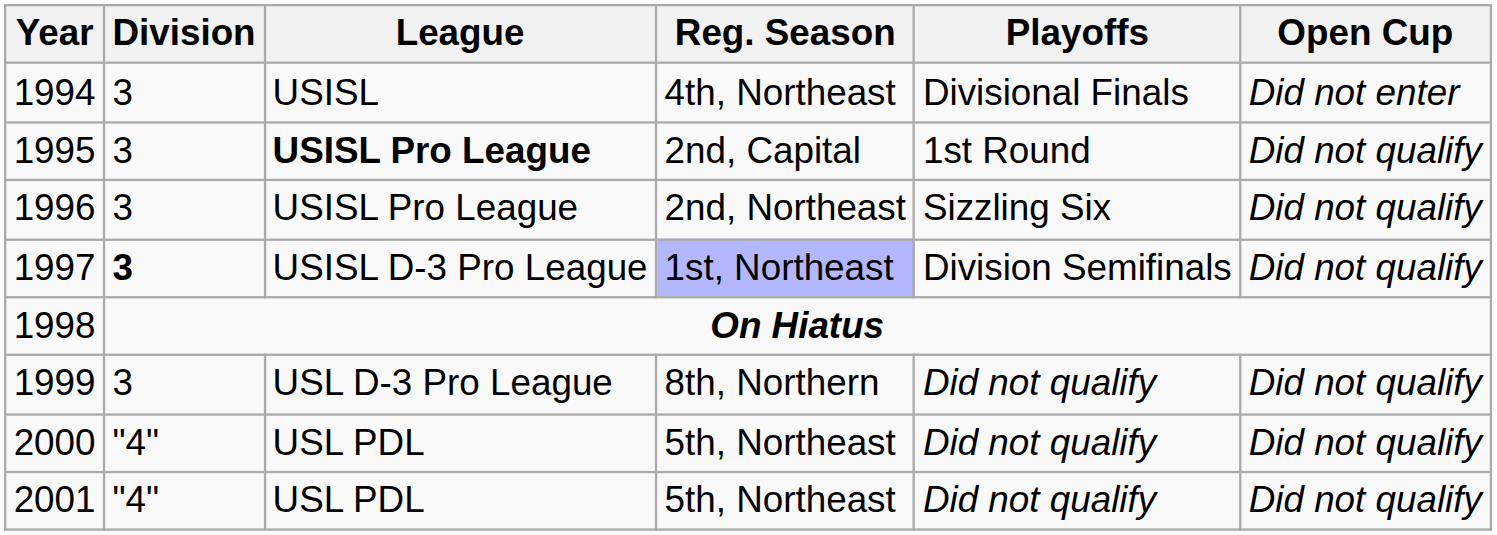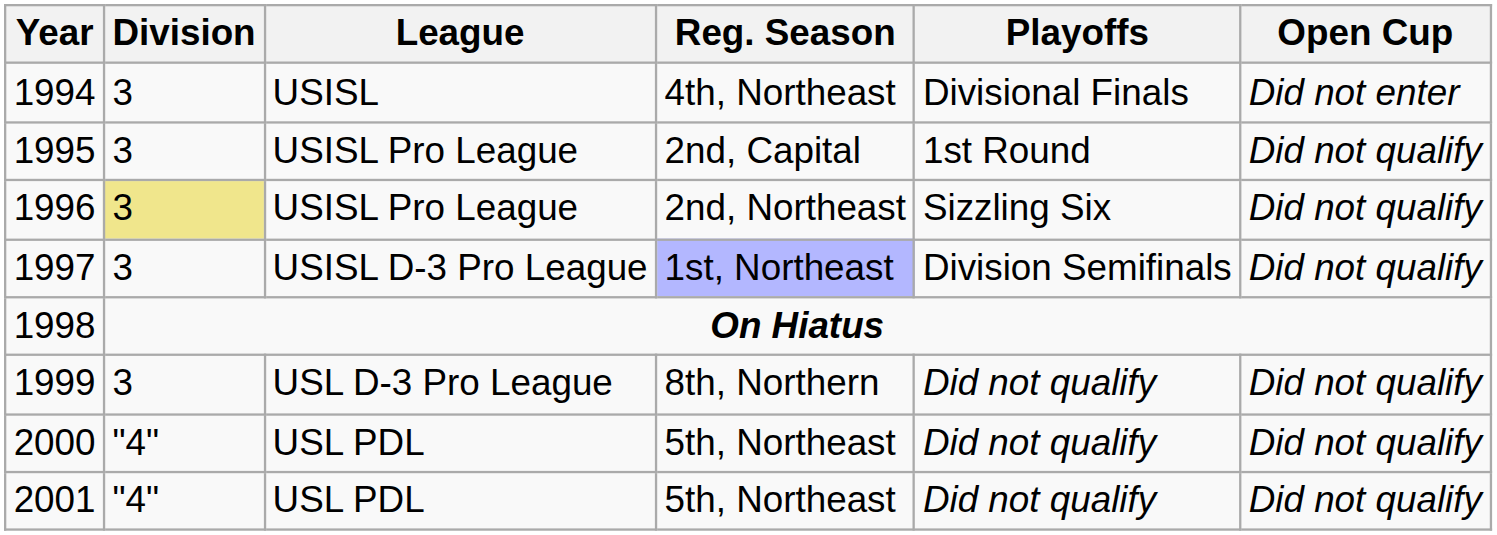 <table class="wikitable">
 <tr>
 <th>Year</th>
 <th>Division</th>
 <th>League</th>
 <th>Reg. Season</th>
 <th>Playoffs</th>
 <th>Open Cup</th>
 </tr>
 <tr>
 <td>1994</td>
 <td>3</td>
 <td>USISL</td>
 <td>4th, Northeast</td>
 <td>Divisional Finals</td>
 <td><em>Did not enter</em></td>
 </tr>
 <tr>
 <td>1995</td>
 <td>3</td>
-<td><strong>USISL Pro League</strong></td>
+<td>USISL Pro League</td>
 <td>2nd, Capital</td>
 <td>1st Round</td>
 <td><em>Did not qualify</em></td>
 </tr>
 <tr>
 <td>1996</td>
-<td>3</td>
+<td style="background: khaki;">3</td>
 <td>USISL Pro League</td>
 <td>2nd, Northeast</td>
 <td>Sizzling Six</td>
 <td><em>Did not qualify</em></td>
 </tr>
 <tr>
 <td>1997</td>
-<td><strong>3</strong></td>
+<td>3</td>
 <td>USISL D-3 Pro League</td>
 <td bgcolor="B3B7FF">1st, Northeast</td>
 <td>Division Semifinals</td>
 <td><em>Did not qualify</em></td>
 </tr>
 <tr>
 <td>1998</td>
 <td rowspan=1 colspan=6 align=center><strong><em>On Hiatus</em></strong></td>
 </tr>
 <tr>
 <td>1999</td>
 <td>3</td>
 <td>USL D-3 Pro League</td>
 <td>8th, Northern</td>
 <td><em>Did not qualify</em></td>
 <td><em>Did not qualify</em></td>
 </tr>
 <tr>
 <td>2000</td>
 <td>"4"</td>
 <td>USL PDL</td>
 <td>5th, Northeast</td>
 <td><em>Did not qualify</em></td>
 <td><em>Did not qualify</em></td>
 </tr>
 <tr>
 <td>2001</td>
 <td>"4"</td>
 <td>USL PDL</td>
 <td>5th, Northeast</td>
 <td><em>Did not qualify</em></td>
 <td><em>Did not qualify</em></td>
 </tr>
 </table>
